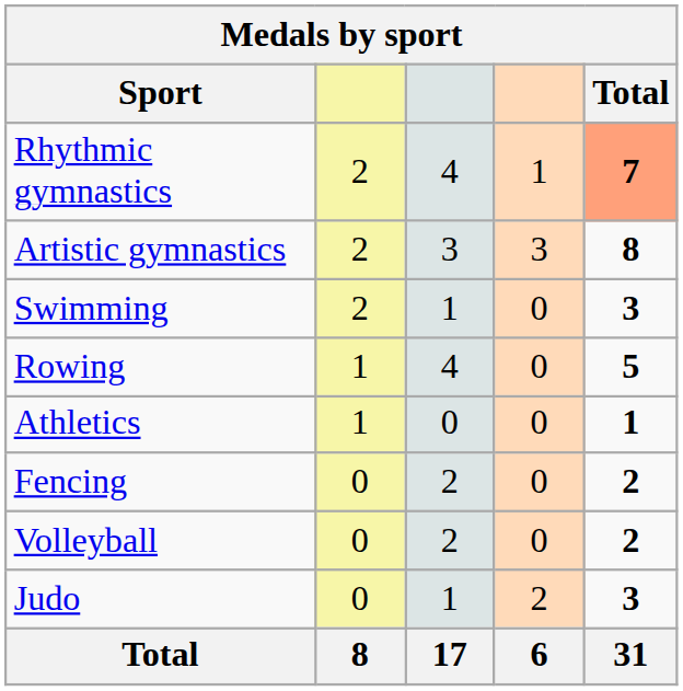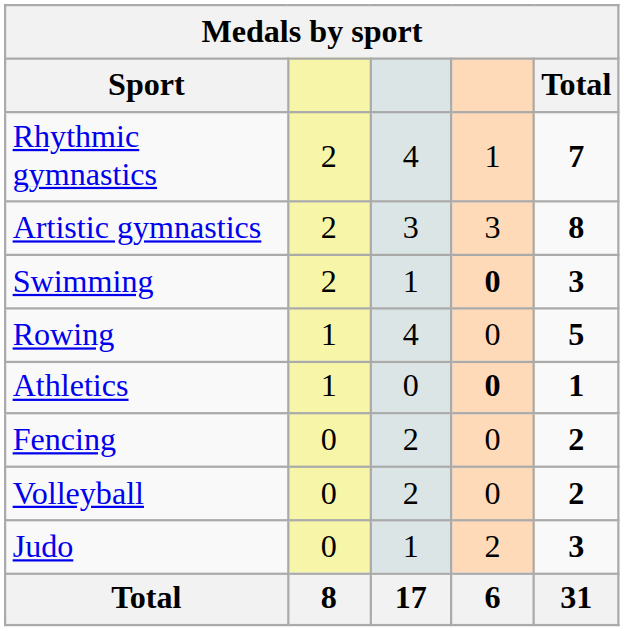 <table class="wikitable" style="font-size:90%; text-align:center;">
 <tr>
 <th colspan=5>Medals by sport</th>
 </tr>
 <tr>
 <th width=120>Sport</th>
 <th scope="col" width=30 style="background:#F7F6A8;"></th>
 <th scope="col" width=30 style="background:#DCE5E5;"></th>
 <th scope="col" width=30 style="background:#FFDAB9;"></th>
 <th width=30>Total</th>
 </tr>
 <tr>
 <td align=left><a href='#'>Rhythmic gymnastics</a></td>
 <td style="background:#F7F6A8;">2</td>
 <td style="background:#DCE5E5;">4</td>
 <td style="background:#FFDAB9;">1</td>
-<td style="background: lightsalmon;"><strong>7</strong></td>
+<td><strong>7</strong></td>
 </tr>
 <tr>
 <td align=left><a href='#'>Artistic gymnastics</a></td>
 <td style="background:#F7F6A8;">2</td>
 <td style="background:#DCE5E5;">3</td>
 <td style="background:#FFDAB9;">3</td>
 <td><strong>8</strong></td>
 </tr>
 <tr>
 <td align=left><a href='#'>Swimming</a></td>
 <td style="background:#F7F6A8;">2</td>
 <td style="background:#DCE5E5;">1</td>
-<td style="background:#FFDAB9;">0</td>
+<td style="background:#FFDAB9;"><strong>0</strong></td>
 <td><strong>3</strong></td>
 </tr>
 <tr>
 <td align=left><a href='#'>Rowing</a></td>
 <td style="background:#F7F6A8;">1</td>
 <td style="background:#DCE5E5;">4</td>
 <td style="background:#FFDAB9;">0</td>
 <td><strong>5</strong></td>
 </tr>
 <tr>
 <td align=left><a href='#'>Athletics</a></td>
 <td style="background:#F7F6A8;">1</td>
 <td style="background:#DCE5E5;">0</td>
-<td style="background:#FFDAB9;">0</td>
+<td style="background:#FFDAB9;"><strong>0</strong></td>
 <td><strong>1</strong></td>
 </tr>
 <tr>
 <td align=left><a href='#'>Fencing</a></td>
 <td style="background:#F7F6A8;">0</td>
 <td style="background:#DCE5E5;">2</td>
 <td style="background:#FFDAB9;">0</td>
 <td><strong>2</strong></td>
 </tr>
 <tr>
 <td align=left><a href='#'>Volleyball</a></td>
 <td style="background:#F7F6A8;">0</td>
 <td style="background:#DCE5E5;">2</td>
 <td style="background:#FFDAB9;">0</td>
 <td><strong>2</strong></td>
 </tr>
 <tr>
 <td align=left><a href='#'>Judo</a></td>
 <td style="background:#F7F6A8;">0</td>
 <td style="background:#DCE5E5;">1</td>
 <td style="background:#FFDAB9;">2</td>
 <td><strong>3</strong></td>
 </tr>
 <tr class="sortbottom">
 <th>Total</th>
 <th>8</th>
 <th>17</th>
 <th>6</th>
 <th>31</th>
 </tr>
 </table>
